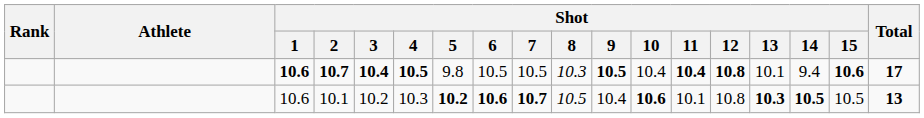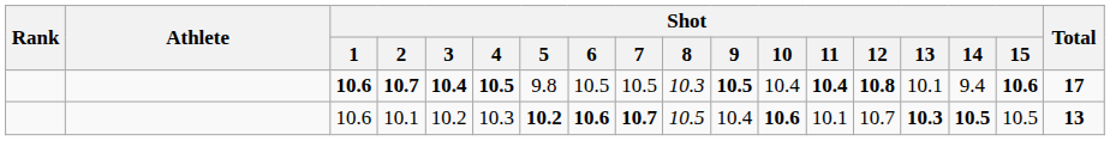 <table class="wikitable" style="text-align:center">
 <tr>
 <th rowspan=2 width=40>Rank</th>
 <th rowspan=2 width=200>Athlete</th>
 <th colspan=15>Shot</th>
 <th rowspan=2 width=40>Total</th>
 </tr>
 <tr>
 <th width=30>1</th>
 <th width=30>2</th>
 <th width=30>3</th>
 <th width=30>4</th>
 <th width=30>5</th>
 <th width=30>6</th>
 <th width=30>7</th>
 <th width=30>8</th>
 <th width=30>9</th>
 <th width=30>10</th>
 <th width=30>11</th>
 <th width=30>12</th>
 <th width=30>13</th>
 <th width=30>14</th>
 <th width=30>15</th>
 </tr>
 <tr>
 <td></td>
 <td align=left></td>
 <td><strong>10.6</strong></td>
 <td><strong>10.7</strong></td>
 <td><strong>10.4</strong></td>
 <td><strong>10.5</strong></td>
 <td>9.8</td>
 <td>10.5</td>
 <td>10.5</td>
 <td><em>10.3</em></td>
 <td><strong>10.5</strong></td>
 <td>10.4</td>
 <td><strong>10.4</strong></td>
 <td><strong>10.8</strong></td>
 <td>10.1</td>
 <td>9.4</td>
 <td><strong>10.6</strong></td>
 <td><strong>17</strong></td>
 </tr>
 <tr>
 <td></td>
 <td align=left></td>
 <td>10.6</td>
 <td>10.1</td>
 <td>10.2</td>
 <td>10.3</td>
 <td><strong>10.2</strong></td>
 <td><strong>10.6</strong></td>
 <td><strong>10.7</strong></td>
 <td><em>10.5</em></td>
 <td>10.4</td>
 <td><strong>10.6</strong></td>
 <td>10.1</td>
-<td>10.8</td>
+<td>10.7</td>
 <td><strong>10.3</strong></td>
 <td><strong>10.5</strong></td>
 <td>10.5</td>
 <td><strong>13</strong></td>
 </tr>
 </table>
